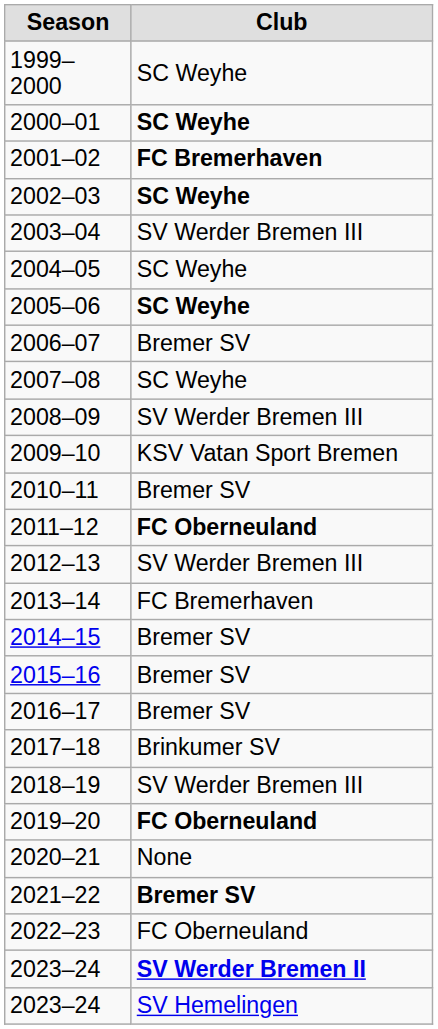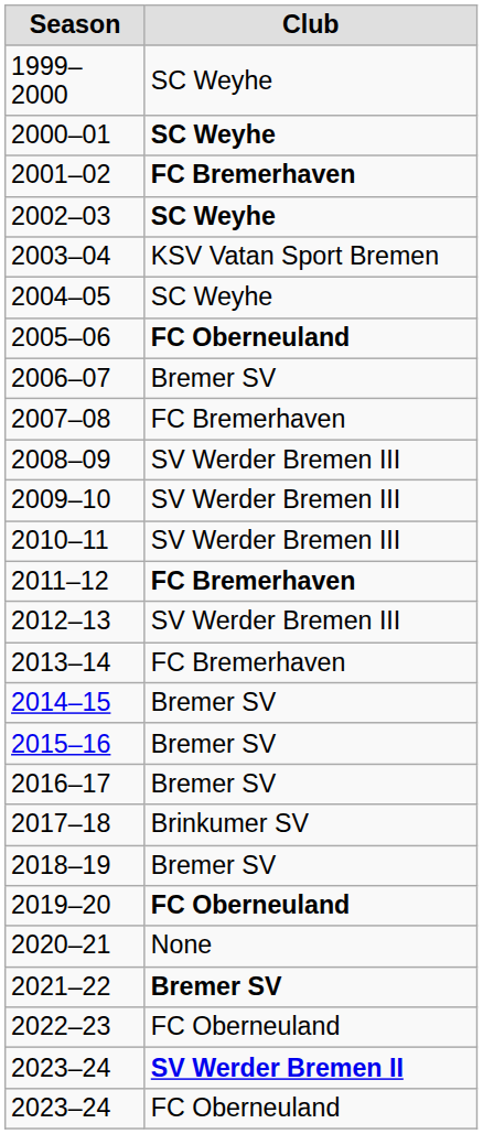 <table class="wikitable">
 <tr align="center" bgcolor="#dfdfdf">
 <td width="80"><strong>Season</strong></td>
 <td width="200"><strong>Club</strong></td>
 </tr>
 <tr>
 <td>1999–2000</td>
 <td>SC Weyhe</td>
 </tr>
 <tr>
 <td>2000–01</td>
 <td><strong>SC Weyhe</strong></td>
 </tr>
 <tr>
 <td>2001–02</td>
 <td><strong>FC Bremerhaven</strong></td>
 </tr>
 <tr>
 <td>2002–03</td>
 <td><strong>SC Weyhe</strong></td>
 </tr>
 <tr>
 <td>2003–04</td>
-<td>SV Werder Bremen III</td>
+<td>KSV Vatan Sport Bremen</td>
 </tr>
 <tr>
 <td>2004–05</td>
 <td>SC Weyhe</td>
 </tr>
 <tr>
 <td>2005–06</td>
-<td><strong>SC Weyhe</strong></td>
+<td><strong>FC Oberneuland</strong></td>
 </tr>
 <tr>
 <td>2006–07</td>
 <td>Bremer SV</td>
 </tr>
 <tr>
 <td>2007–08</td>
-<td>SC Weyhe</td>
+<td>FC Bremerhaven</td>
 </tr>
 <tr>
 <td>2008–09</td>
 <td>SV Werder Bremen III</td>
 </tr>
 <tr>
 <td>2009–10</td>
-<td>KSV Vatan Sport Bremen</td>
+<td>SV Werder Bremen III</td>
 </tr>
 <tr>
 <td>2010–11</td>
-<td>Bremer SV</td>
+<td>SV Werder Bremen III</td>
 </tr>
 <tr>
 <td>2011–12</td>
-<td><strong>FC Oberneuland</strong></td>
+<td><strong>FC Bremerhaven</strong></td>
 </tr>
 <tr>
 <td>2012–13</td>
 <td>SV Werder Bremen III</td>
 </tr>
 <tr>
 <td>2013–14</td>
 <td>FC Bremerhaven</td>
 </tr>
 <tr>
 <td><a href='#'>2014–15</a></td>
 <td>Bremer SV</td>
 </tr>
 <tr>
 <td><a href='#'>2015–16</a></td>
 <td>Bremer SV</td>
 </tr>
 <tr>
 <td>2016–17</td>
 <td>Bremer SV</td>
 </tr>
 <tr>
 <td>2017–18</td>
 <td>Brinkumer SV</td>
 </tr>
 <tr>
 <td>2018–19</td>
-<td>SV Werder Bremen III</td>
+<td>Bremer SV</td>
 </tr>
 <tr>
 <td>2019–20</td>
 <td><strong>FC Oberneuland</strong></td>
 </tr>
 <tr>
 <td>2020–21</td>
 <td>None</td>
 </tr>
 <tr>
 <td>2021–22</td>
 <td><strong>Bremer SV</strong></td>
 </tr>
 <tr>
 <td>2022–23</td>
 <td>FC Oberneuland</td>
 </tr>
 <tr>
 <td>2023–24</td>
 <td><strong><a href='#'>SV Werder Bremen II</a></strong></td>
 </tr>
 <tr>
 <td>2023–24</td>
-<td><a href='#'>SV Hemelingen</a></td>
+<td>FC Oberneuland</td>
 </tr>
 </table>
